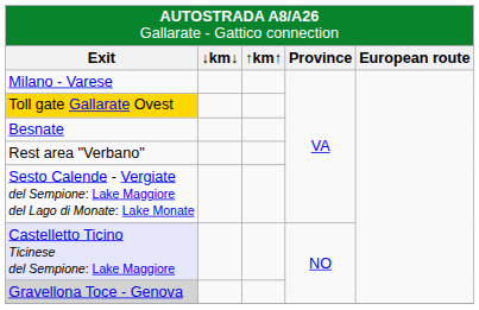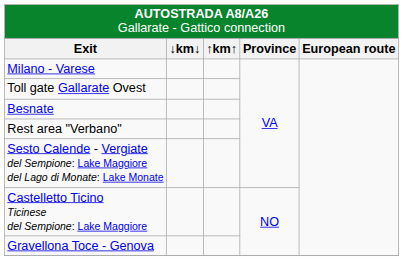 <table class="wikitable">
 <tr align="center" style="color: white;font-size:100%;" bgcolor="#08842c">
 <td colspan="6"><strong> AUTOSTRADA A8/A26</strong><br>Gallarate - Gattico connection</td>
 </tr>
 <tr>
 </tr>
 <tr>
 <th><strong>Exit</strong></th>
 <th align="center"><strong>↓km↓</strong></th>
 <th align="center"><strong>↑km↑</strong></th>
 <th align="center"><strong>Province</strong></th>
 <th align="center"><strong>European route</strong></th>
 </tr>
 <tr>
 <td>  <a href='#'>Milano - Varese</a></td>
 <td align="right"></td>
 <td align="right"></td>
 <td rowspan=5 align="center"><a href='#'>VA</a></td>
 <td rowspan=7 align="center"></td>
 </tr>
 <tr>
-<td style="background: gold;"> Toll gate <a href='#'>Gallarate</a> Ovest</td>
+<td> Toll gate <a href='#'>Gallarate</a> Ovest</td>
 <td align="right"></td>
 <td align="right"></td>
 </tr>
 <tr>
 <td> <a href='#'>Besnate</a></td>
 <td align="right"></td>
 <td align="right"></td>
 </tr>
 <tr>
 <td>  Rest area "Verbano"</td>
 <td align="right"></td>
 <td align="right"></td>
 </tr>
 <tr>
 <td> <a href='#'>Sesto Calende</a> - <a href='#'>Vergiate</a><br><small>  <em>del Sempione</em>:  <a href='#'>Lake Maggiore</a><br> <em>del Lago di Monate</em>:  <a href='#'>Lake Monate</a></small></td>
 <td align="right"></td>
 <td align="right"></td>
 </tr>
 <tr>
-<td style="background: lavender;"> <a href='#'>Castelletto Ticino</a><br><small>  <em>Ticinese</em><br> <em>del Sempione</em>:  <a href='#'>Lake Maggiore</a> </small></td>
+<td> <a href='#'>Castelletto Ticino</a><br><small>  <em>Ticinese</em><br> <em>del Sempione</em>:  <a href='#'>Lake Maggiore</a> </small></td>
 <td align="right"></td>
 <td align="right"></td>
 <td rowspan=2 align="center"><a href='#'>NO</a></td>
 </tr>
 <tr>
-<td style="background: lightgrey;">  <a href='#'>Gravellona Toce - Genova</a></td>
+<td>  <a href='#'>Gravellona Toce - Genova</a></td>
 <td align="right"></td>
 <td align="right"></td>
 </tr>
 <tr>
 </tr>
 </table>
